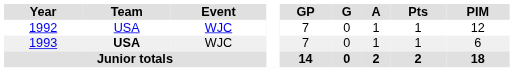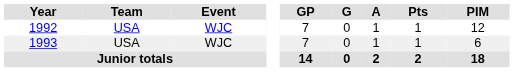 <table border="0" cellpadding="1" cellspacing="0" style="text-align:center; width:40em">
 <tr ALIGN="center" bgcolor="#e0e0e0">
 <th>Year</th>
 <th>Team</th>
 <th>Event</th>
 <th rowspan="99" bgcolor="#ffffff"> </th>
 <th>GP</th>
 <th>G</th>
 <th>A</th>
 <th>Pts</th>
 <th>PIM</th>
 </tr>
 <tr>
 <td><a href='#'>1992</a></td>
 <td><a href='#'>USA</a></td>
 <td><a href='#'>WJC</a></td>
 <td>7</td>
 <td>0</td>
 <td>1</td>
 <td>1</td>
 <td>12</td>
 </tr>
 <tr bgcolor="#f0f0f0">
 <td><a href='#'>1993</a></td>
-<td><strong>USA</strong></td>
+<td>USA</td>
 <td>WJC</td>
 <td>7</td>
 <td>0</td>
 <td>1</td>
 <td>1</td>
 <td>6</td>
 </tr>
 <tr bgcolor="#e0e0e0">
 <th colspan=3>Junior totals</th>
 <th>14</th>
 <th>0</th>
 <th>2</th>
 <th>2</th>
 <th>18</th>
 </tr>
 </table>
